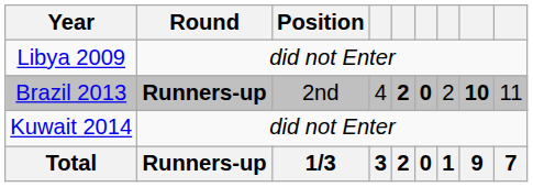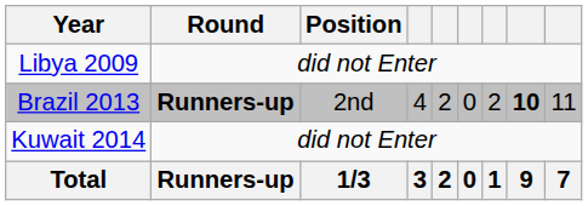 <table class="wikitable" style="text-align: center;">
 <tr>
 <th>Year</th>
 <th>Round</th>
 <th>Position</th>
 <th></th>
 <th></th>
 <th></th>
 <th></th>
 <th></th>
 <th></th>
 </tr>
 <tr bgcolor=>
 <td>  <a href='#'>Libya 2009</a></td>
 <td rowspan=1 colspan=9><em>did not Enter</em></td>
 </tr>
 <tr bgcolor=silver>
 <td> <a href='#'>Brazil 2013</a></td>
 <td><strong>Runners-up</strong></td>
 <td>2nd</td>
 <td>4</td>
-<td><strong>2</strong></td>
-<td><strong>0</strong></td>
+<td>2</td>
+<td>0</td>
 <td>2</td>
 <td><strong>10</strong></td>
 <td>11</td>
 </tr>
 <tr>
 <td> <a href='#'>Kuwait 2014</a></td>
 <td rowspan=1 colspan=9><em>did not Enter</em></td>
 </tr>
 <tr>
 <th><strong>Total</strong></th>
 <th><strong>Runners-up</strong></th>
 <th>1/3</th>
 <th>3</th>
 <th>2</th>
 <th>0</th>
 <th>1</th>
 <th>9</th>
 <th>7</th>
 </tr>
 </table>
